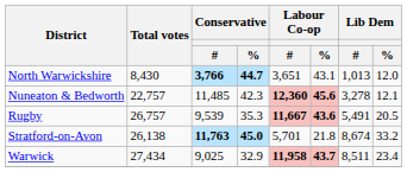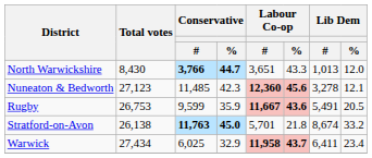 <table class="wikitable sortable">
 <tr>
 <th rowspan=3>District</th>
 <th rowspan=3>Total votes</th>
 <th colspan="2">Conservative</th>
 <th colspan="2">Labour<br>Co-op</th>
 <th colspan="2">Lib Dem</th>
 </tr>
 <tr>
 <th colspan="2" style="background:"></th>
 <th colspan="2" style="background:"></th>
 <th colspan="2" style="background:"></th>
 </tr>
 <tr>
 <th>#</th>
 <th>%</th>
 <th>#</th>
 <th>%</th>
 <th>#</th>
 <th>%</th>
 </tr>
 <tr>
 <td><a href='#'>North Warwickshire</a></td>
 <td>8,430</td>
 <td style="background:#B9E4FF;"><strong>3,766</strong></td>
 <td style="background:#B9E4FF;"><strong>44.7</strong></td>
 <td>3,651</td>
-<td>43.1</td>
+<td>43.3</td>
 <td>1,013</td>
 <td>12.0</td>
 </tr>
 <tr>
 <td><a href='#'>Nuneaton & Bedworth</a></td>
-<td>22,757</td>
+<td>27,123</td>
 <td>11,485</td>
 <td>42.3</td>
 <td style="background:#F8C1BE;"><strong>12,360</strong></td>
 <td style="background:#F8C1BE;"><strong>45.6</strong></td>
 <td>3,278</td>
 <td>12.1</td>
 </tr>
 <tr>
 <td><a href='#'>Rugby</a></td>
-<td>26,757</td>
-<td>9,539</td>
-<td>35.3</td>
+<td>26,753</td>
+<td>9,599</td>
+<td>35.9</td>
 <td style="background:#F8C1BE;"><strong>11,667</strong></td>
 <td style="background:#F8C1BE;"><strong>43.6</strong></td>
 <td>5,491</td>
 <td>20.5</td>
 </tr>
 <tr>
 <td><a href='#'>Stratford-on-Avon</a></td>
 <td>26,138</td>
 <td style="background:#B9E4FF;"><strong>11,763</strong></td>
 <td style="background:#B9E4FF;"><strong>45.0</strong></td>
 <td>5,701</td>
 <td>21.8</td>
 <td>8,674</td>
 <td>33.2</td>
 </tr>
 <tr>
 <td><a href='#'>Warwick</a></td>
 <td>27,434</td>
-<td>9,025</td>
+<td>6,025</td>
 <td>32.9</td>
 <td style="background:#F8C1BE;"><strong>11,958</strong></td>
 <td style="background:#F8C1BE;"><strong>43.7</strong></td>
-<td>8,511</td>
+<td>6,411</td>
 <td>23.4</td>
 </tr>
 <tr>
 </tr>
 </table>
